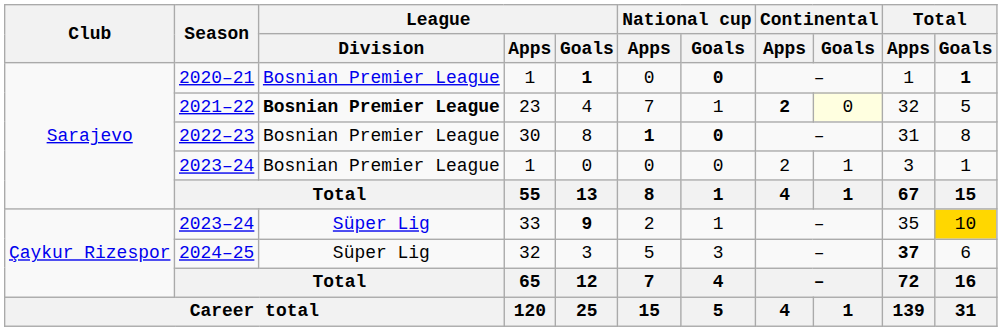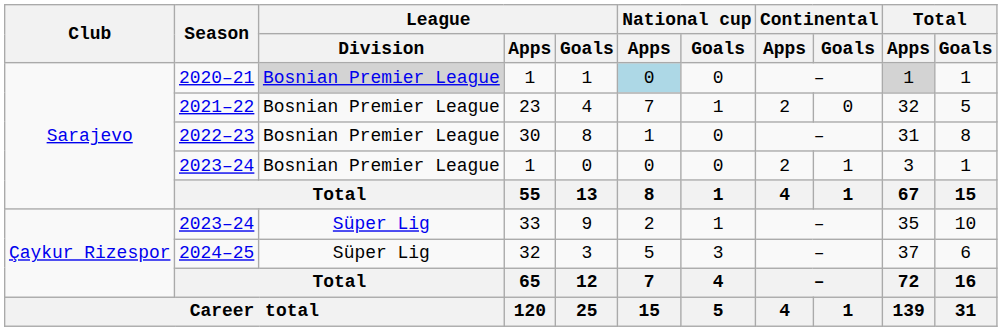 <table class="wikitable" style="text-align:center">
 <tr>
 <th rowspan=2>Club</th>
 <th rowspan=2>Season</th>
 <th colspan=3>League</th>
 <th colspan=2>National cup</th>
 <th colspan=2>Continental</th>
 <th colspan=2>Total</th>
 </tr>
 <tr>
 <th>Division</th>
 <th>Apps</th>
 <th>Goals</th>
 <th>Apps</th>
 <th>Goals</th>
 <th>Apps</th>
 <th>Goals</th>
 <th>Apps</th>
 <th>Goals</th>
 </tr>
 <tr>
 <td rowspan=5><a href='#'>Sarajevo</a></td>
 <td><a href='#'>2020–21</a></td>
-<td><a href='#'>Bosnian Premier League</a></td>
+<td style="background: lightgrey;"><a href='#'>Bosnian Premier League</a></td>
 <td>1</td>
-<td><strong>1</strong></td>
+<td>1</td>
+<td style="background: lightblue;">0</td>
 <td>0</td>
-<td><strong>0</strong></td>
 <td colspan=2>–</td>
+<td style="background: lightgrey;">1</td>
 <td>1</td>
-<td><strong>1</strong></td>
 </tr>
 <tr>
 <td><a href='#'>2021–22</a></td>
-<td><strong>Bosnian Premier League</strong></td>
+<td>Bosnian Premier League</td>
 <td>23</td>
 <td>4</td>
 <td>7</td>
 <td>1</td>
-<td><strong>2</strong></td>
-<td style="background: lightyellow;">0</td>
+<td>2</td>
+<td>0</td>
 <td>32</td>
 <td>5</td>
 </tr>
 <tr>
 <td><a href='#'>2022–23</a></td>
 <td>Bosnian Premier League</td>
 <td>30</td>
 <td>8</td>
-<td><strong>1</strong></td>
-<td><strong>0</strong></td>
+<td>1</td>
+<td>0</td>
 <td colspan=2>–</td>
 <td>31</td>
 <td>8</td>
 </tr>
 <tr>
 <td><a href='#'>2023–24</a></td>
 <td>Bosnian Premier League</td>
 <td>1</td>
 <td>0</td>
 <td>0</td>
 <td>0</td>
 <td>2</td>
 <td>1</td>
 <td>3</td>
 <td>1</td>
 </tr>
 <tr>
 <th colspan=2>Total</th>
 <th>55</th>
 <th>13</th>
 <th>8</th>
 <th>1</th>
 <th>4</th>
 <th>1</th>
 <th>67</th>
 <th>15</th>
 </tr>
 <tr>
 <td rowspan=3><a href='#'>Çaykur Rizespor</a></td>
 <td><a href='#'>2023–24</a></td>
 <td><a href='#'>Süper Lig</a></td>
 <td>33</td>
-<td><strong>9</strong></td>
+<td>9</td>
 <td>2</td>
 <td>1</td>
 <td colspan=2>–</td>
 <td>35</td>
-<td style="background: gold;">10</td>
+<td>10</td>
 </tr>
 <tr>
 <td><a href='#'>2024–25</a></td>
 <td>Süper Lig</td>
 <td>32</td>
 <td>3</td>
 <td>5</td>
 <td>3</td>
 <td colspan=2>–</td>
-<td><strong>37</strong></td>
+<td>37</td>
 <td>6</td>
 </tr>
 <tr>
 <th colspan=2>Total</th>
 <th>65</th>
 <th>12</th>
 <th>7</th>
 <th>4</th>
 <th colspan=2>–</th>
 <th>72</th>
 <th>16</th>
 </tr>
 <tr>
 <th colspan=3>Career total</th>
 <th>120</th>
 <th>25</th>
 <th>15</th>
 <th>5</th>
 <th>4</th>
 <th>1</th>
 <th>139</th>
 <th>31</th>
 </tr>
 </table>
